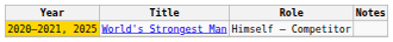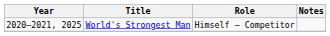 <table class="wikitable sortable">
 <tr>
 <th>Year</th>
 <th>Title</th>
 <th>Role</th>
 <th>Notes</th>
 </tr>
 <tr>
-<td style="background: gold;">2020–2021, 2025</td>
+<td>2020–2021, 2025</td>
 <td><a href='#'>World's Strongest Man</a></td>
 <td>Himself – Competitor</td>
 <td></td>
 </tr>
 <tr>
 </tr>
 </table>
